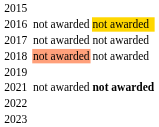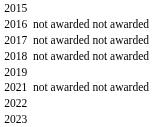 <table>
 <tr>
 <td align="center">2015</td>
 <td></td>
 <td></td>
 <td></td>
 </tr>
 <tr>
 <td align="center">2016</td>
 <td></td>
 <td>not awarded</td>
-<td style="background: gold;">not awarded</td>
+<td>not awarded</td>
 </tr>
 <tr>
 <td align="center">2017</td>
 <td></td>
 <td>not awarded</td>
 <td>not awarded</td>
 </tr>
 <tr>
 <td align="center">2018</td>
 <td></td>
-<td style="background: lightsalmon;">not awarded</td>
+<td>not awarded</td>
 <td>not awarded</td>
 </tr>
 <tr>
 <td align="center">2019</td>
 <td></td>
 <td></td>
 <td></td>
 </tr>
 <tr>
 <td align="center">2021</td>
 <td></td>
 <td>not awarded</td>
-<td><strong>not awarded</strong></td>
+<td>not awarded</td>
 </tr>
 <tr>
 <td align="center">2022</td>
 <td></td>
 <td></td>
 <td></td>
 </tr>
 <tr>
 <td align="center">2023</td>
 <td></td>
 <td></td>
 <td></td>
 </tr>
 </table>
